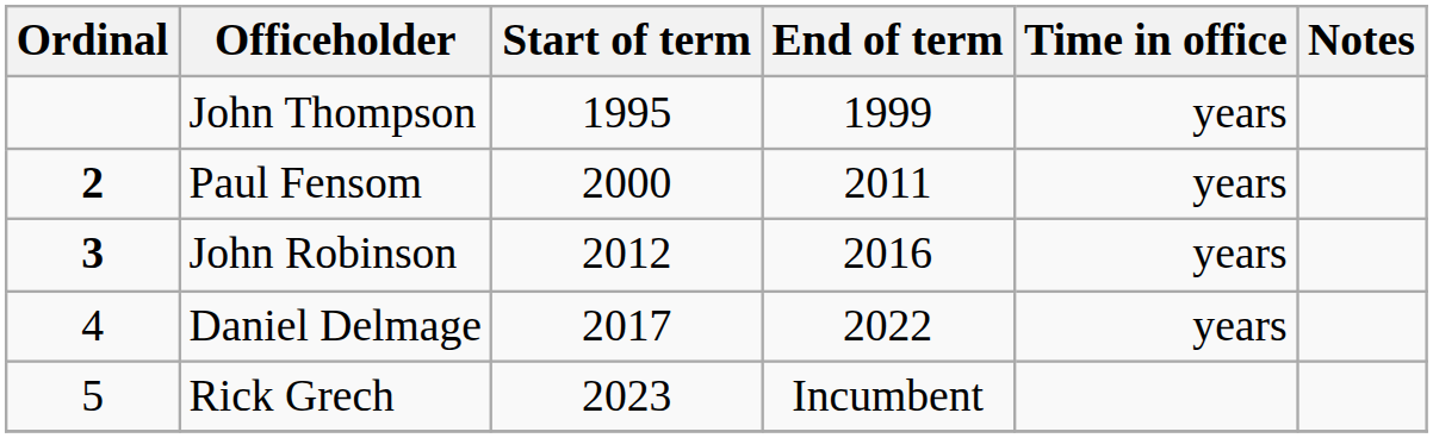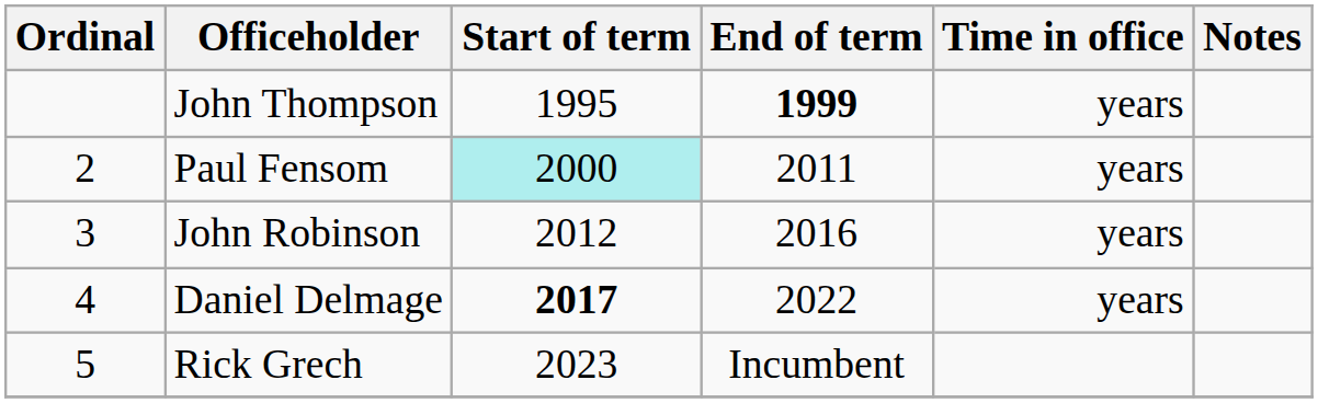 <table class="wikitable sortable">
 <tr>
 <th>Ordinal</th>
 <th>Officeholder</th>
 <th>Start of term</th>
 <th>End of term</th>
 <th>Time in office</th>
 <th>Notes</th>
 </tr>
 <tr>
 <td align=center></td>
 <td>John Thompson</td>
 <td align=center>1995</td>
-<td align=center>1999</td>
+<td align=center><strong>1999</strong></td>
 <td align=right> years</td>
 <td></td>
 </tr>
 <tr>
-<td align=center><strong>2</strong></td>
+<td align=center>2</td>
 <td>Paul Fensom</td>
-<td align=center>2000</td>
+<td align=center style="background: paleturquoise;">2000</td>
 <td align=center>2011</td>
 <td align=right> years</td>
 <td></td>
 </tr>
 <tr>
-<td align=center><strong>3</strong></td>
+<td align=center>3</td>
 <td>John Robinson</td>
 <td align=center>2012</td>
 <td align=center>2016</td>
 <td align=right> years</td>
 <td></td>
 </tr>
 <tr>
 <td align=center>4</td>
 <td>Daniel Delmage</td>
-<td align=center>2017</td>
+<td align=center><strong>2017</strong></td>
 <td align=center>2022</td>
 <td align=right> years</td>
 <td></td>
 </tr>
 <tr>
 <td align=center>5</td>
 <td>Rick Grech</td>
 <td align=center>2023</td>
 <td align=center>Incumbent</td>
 <td align=right></td>
 <td></td>
 </tr>
 <tr>
 </tr>
 </table>
